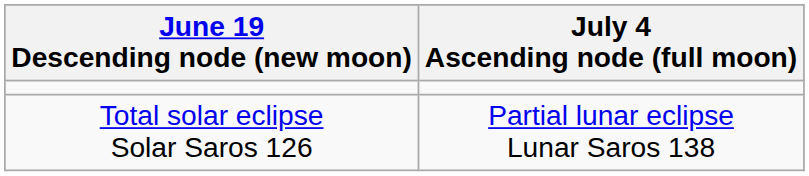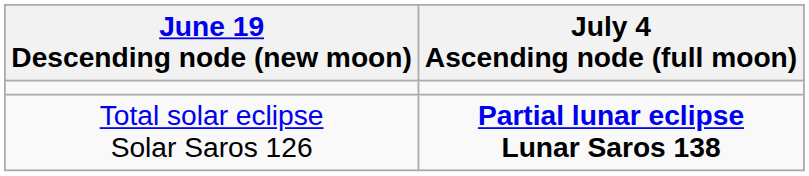 <table class="wikitable">
 <tr>
 <th><a href='#'>June 19</a><br>Descending node (new moon)</th>
 <th>July 4<br>Ascending node (full moon)</th>
 </tr>
 <tr>
 <td></td>
 <td></td>
 </tr>
 <tr align=center>
 <td><a href='#'>Total solar eclipse</a><br>Solar Saros 126</td>
-<td><a href='#'>Partial lunar eclipse</a><br>Lunar Saros 138</td>
+<td><strong><a href='#'>Partial lunar eclipse</a><br>Lunar Saros 138</strong></td>
 </tr>
 </table>
